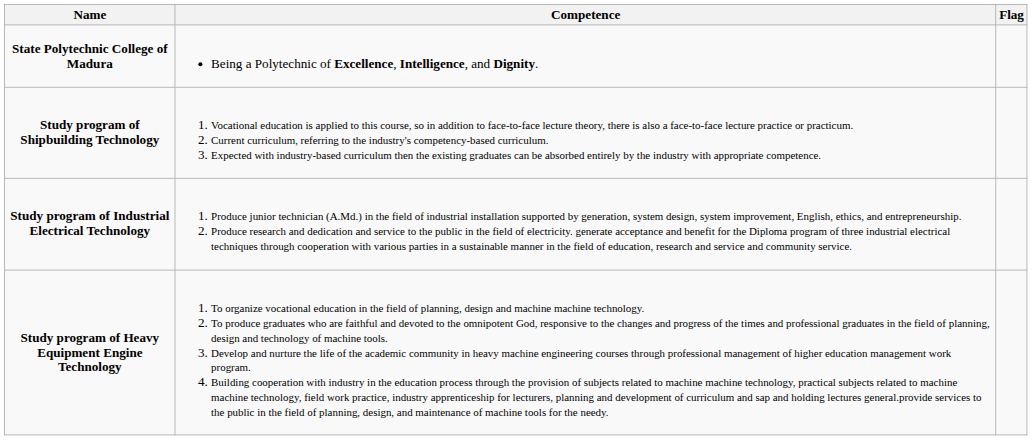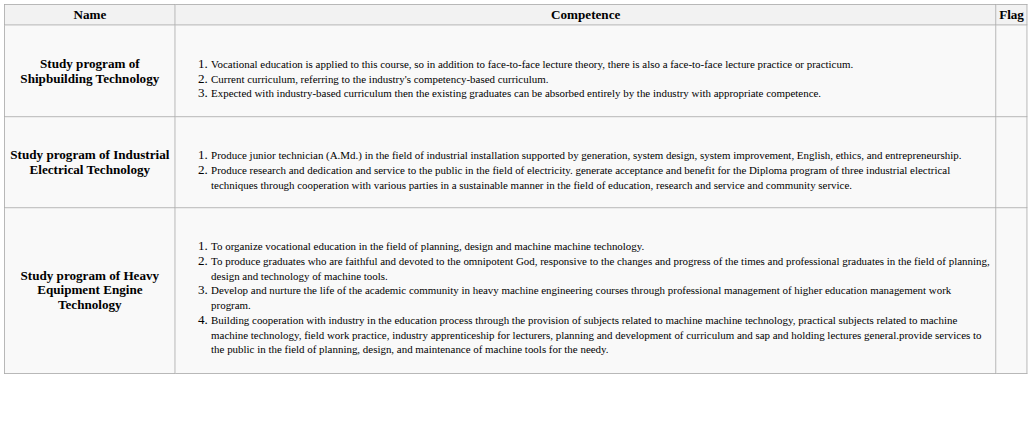 <table class="wikitable">
 <tr>
 <th>Name</th>
 <th>Competence</th>
 <th>Flag</th>
-</tr>
-<tr>
-<td style='text-align:center'><strong>State Polytechnic College of Madura</strong></td>
-<td><br><ul><li>Being a Polytechnic of <strong>Excellence</strong>, <strong>Intelligence</strong>, and <strong>Dignity</strong>.</li></ul></td>
-<td></td>
 </tr>
 <tr>
 <td style='text-align:center'><strong>Study program of Shipbuilding Technology</strong></td>
 <td><br><ol><li><small>Vocational education is applied to this course, so in addition to face-to-face lecture theory, there is also a face-to-face lecture practice or practicum.</small></li><li><small>Current curriculum, referring to the industry's competency-based curriculum.</small></li><li><small>Expected with industry-based curriculum then the existing graduates can be absorbed entirely by the industry with appropriate competence. </small></li></ol></td>
 <td></td>
 </tr>
 <tr>
 <td style='text-align:center'><strong>Study program of Industrial Electrical Technology</strong></td>
 <td><br><ol><li><small> Produce junior technician (A.Md.) in the field of industrial installation supported by generation, system design, system improvement, English, ethics, and entrepreneurship.</small></li><li><small> Produce research and dedication and service to the public in the field of electricity. generate acceptance and benefit for the Diploma program of three industrial electrical techniques through cooperation with various parties in a sustainable manner in the field of education, research and service and community service. </small></li></ol></td>
 <td></td>
 </tr>
 <tr>
 <td style='text-align:center'><strong>Study program of Heavy Equipment Engine Technology</strong></td>
 <td><br><ol><li><small>To organize vocational education in the field of planning, design and machine machine technology.</small></li><li><small> To produce graduates who are faithful and devoted to the omnipotent God, responsive to the changes and progress of the times and professional graduates in the field of planning, design and technology of machine tools.</small></li><li><small> Develop and nurture the life of the academic community in heavy machine engineering courses through professional management of higher education management work program.</small></li><li><small> Building cooperation with industry in the education process through the provision of subjects related to machine machine technology, practical subjects related to machine machine technology, field work practice, industry apprenticeship for lecturers, planning and development of curriculum and sap and holding lectures general.provide services to the public in the field of planning, design, and maintenance of machine tools for the needy. </small></li></ol></td>
 <td></td>
 </tr>
 </table>
